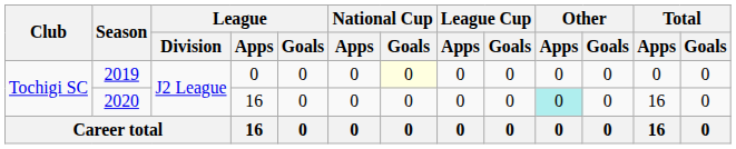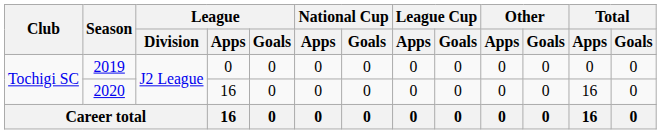 <table class="wikitable" style="text-align: center">
 <tr>
 <th rowspan="2">Club</th>
 <th rowspan="2">Season</th>
 <th colspan="3">League</th>
 <th colspan="2">National Cup</th>
 <th colspan="2">League Cup</th>
 <th colspan="2">Other</th>
 <th colspan="2">Total</th>
 </tr>
 <tr>
 <th>Division</th>
 <th>Apps</th>
 <th>Goals</th>
 <th>Apps</th>
 <th>Goals</th>
 <th>Apps</th>
 <th>Goals</th>
 <th>Apps</th>
 <th>Goals</th>
 <th>Apps</th>
 <th>Goals</th>
 </tr>
 <tr>
 <td rowspan="2"><a href='#'>Tochigi SC</a></td>
 <td><a href='#'>2019</a></td>
 <td rowspan="2"><a href='#'>J2 League</a></td>
 <td>0</td>
 <td>0</td>
 <td>0</td>
-<td style="background: lightyellow;">0</td>
+<td>0</td>
 <td>0</td>
 <td>0</td>
 <td>0</td>
 <td>0</td>
 <td>0</td>
 <td>0</td>
 </tr>
 <tr>
 <td><a href='#'>2020</a></td>
 <td>16</td>
 <td>0</td>
 <td>0</td>
 <td>0</td>
 <td>0</td>
 <td>0</td>
-<td style="background: paleturquoise;">0</td>
+<td>0</td>
 <td>0</td>
 <td>16</td>
 <td>0</td>
 </tr>
 <tr>
 <th colspan=3>Career total</th>
 <th>16</th>
 <th>0</th>
 <th>0</th>
 <th>0</th>
 <th>0</th>
 <th>0</th>
 <th>0</th>
 <th>0</th>
 <th>16</th>
 <th>0</th>
 </tr>
 </table>
